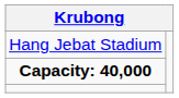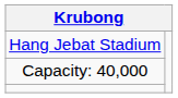 <table class="wikitable" style="text-align:center;margin:1em auto;">
 <tr>
 <th colspan=2><a href='#'>Krubong</a></th>
 </tr>
 <tr>
 <td><a href='#'>Hang Jebat Stadium</a></td>
 <td rowspan=3></td>
 </tr>
 <tr>
-<td><strong>Capacity: 40,000</strong></td>
+<td>Capacity: 40,000</td>
 </tr>
 <tr>
 <td></td>
 </tr>
 </table>
